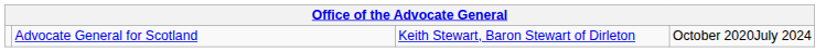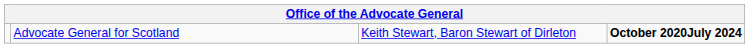 <table class="wikitable">
 <tr>
 <th colspan="4"><a href='#'>Office of the Advocate General</a></th>
 </tr>
 <tr>
 <td rowspan="1" style="width: 1px; background: "></td>
 <td rowspan="1" style="width: 450px;"><a href='#'>Advocate General for Scotland</a></td>
 <td style="width: 320px;"><a href='#'>Keith Stewart, Baron Stewart of Dirleton</a></td>
-<td>October 2020July 2024</td>
+<td><strong>October 2020July 2024</strong></td>
 </tr>
 </table>
